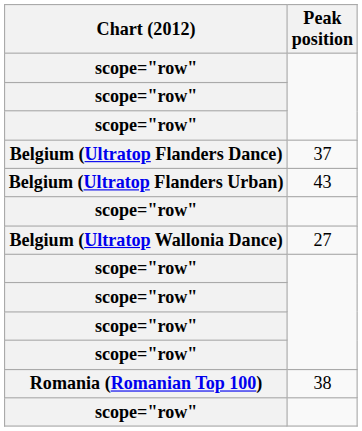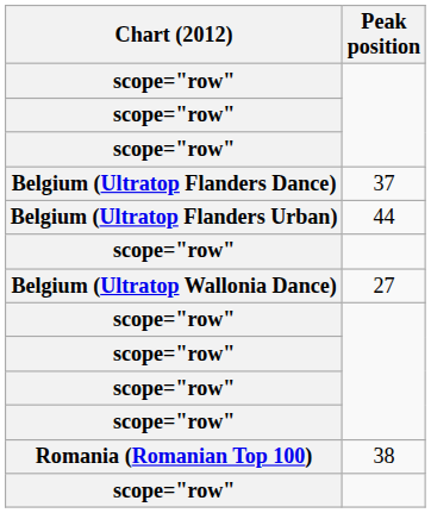 <table class="wikitable sortable plainrowheaders">
 <tr>
 <th scope="col">Chart (2012)</th>
 <th scope="col">Peak<br>position</th>
 </tr>
 <tr>
 <th>scope="row"</th>
 </tr>
 <tr>
 <th>scope="row"</th>
 </tr>
 <tr>
 <th>scope="row"</th>
 </tr>
 <tr>
 <th scope="row">Belgium (<a href='#'>Ultratop</a> Flanders Dance)</th>
 <td align=center>37</td>
 </tr>
 <tr>
 <th scope="row">Belgium (<a href='#'>Ultratop</a> Flanders Urban)</th>
-<td align=center>43</td>
+<td align=center>44</td>
 </tr>
 <tr>
 <th>scope="row"</th>
 </tr>
 <tr>
 <th scope="row">Belgium (<a href='#'>Ultratop</a> Wallonia Dance)</th>
 <td align=center>27</td>
 </tr>
 <tr>
 <th>scope="row"</th>
 </tr>
 <tr>
 <th>scope="row"</th>
 </tr>
 <tr>
 <th>scope="row"</th>
 </tr>
 <tr>
 <th>scope="row"</th>
 </tr>
 <tr>
 <th scope="row">Romania (<a href='#'>Romanian Top 100</a>)</th>
 <td align="center">38</td>
 </tr>
 <tr>
 <th>scope="row"</th>
 </tr>
 </table>
